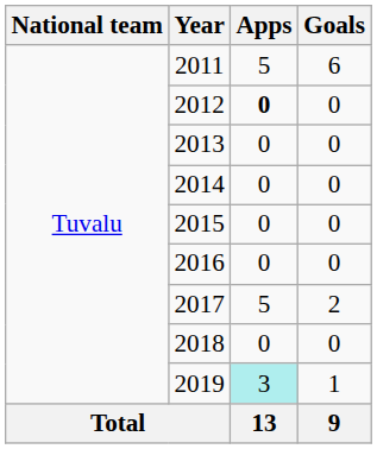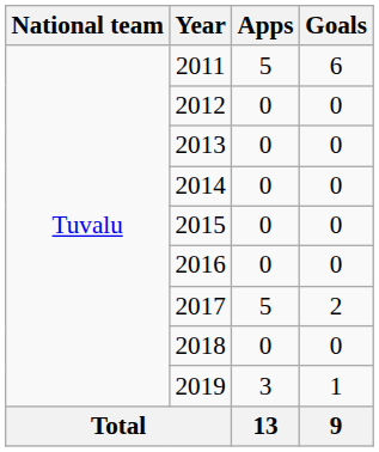 <table class="wikitable" style="text-align: center;">
 <tr>
 <th>National team</th>
 <th>Year</th>
 <th>Apps</th>
 <th>Goals</th>
 </tr>
 <tr>
 <td rowspan="9"><a href='#'>Tuvalu</a></td>
 <td>2011</td>
 <td>5</td>
 <td>6</td>
 </tr>
 <tr>
 <td>2012</td>
-<td><strong>0</strong></td>
+<td>0</td>
 <td>0</td>
 </tr>
 <tr>
 <td>2013</td>
 <td>0</td>
 <td>0</td>
 </tr>
 <tr>
 <td>2014</td>
 <td>0</td>
 <td>0</td>
 </tr>
 <tr>
 <td>2015</td>
 <td>0</td>
 <td>0</td>
 </tr>
 <tr>
 <td>2016</td>
 <td>0</td>
 <td>0</td>
 </tr>
 <tr>
 <td>2017</td>
 <td>5</td>
 <td>2</td>
 </tr>
 <tr>
 <td>2018</td>
 <td>0</td>
 <td>0</td>
 </tr>
 <tr>
 <td>2019</td>
-<td style="background: paleturquoise;">3</td>
+<td>3</td>
 <td>1</td>
 </tr>
 <tr>
 <th colspan="2">Total</th>
 <th>13</th>
 <th>9</th>
 </tr>
 </table>
